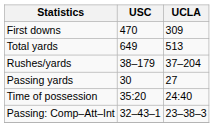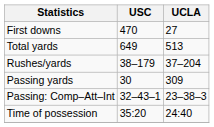 <table class="wikitable" style="float: left;">
 <tr>
 <th>Statistics</th>
 <th>USC</th>
 <th>UCLA</th>
 </tr>
 <tr>
 <td>First downs</td>
 <td>470</td>
-<td>309</td>
+<td>27</td>
 </tr>
 <tr>
 <td>Total yards</td>
 <td>649</td>
 <td>513</td>
 </tr>
 <tr>
 <td>Rushes/yards</td>
 <td>38–179</td>
 <td>37–204</td>
 </tr>
 <tr>
 <td>Passing yards</td>
 <td>30</td>
-<td>27</td>
+<td>309</td>
+</tr>
+<tr>
+<td>Passing: Comp–Att–Int</td>
+<td>32–43–1</td>
+<td>23–38–3</td>
 </tr>
 <tr>
 <td>Time of possession</td>
 <td>35:20</td>
 <td>24:40</td>
 </tr>
 <tr>
-<td>Passing: Comp–Att–Int</td>
-<td>32–43–1</td>
-<td>23–38–3</td>
-</tr>
-<tr>
 </tr>
 </table>
